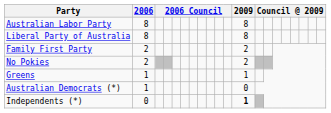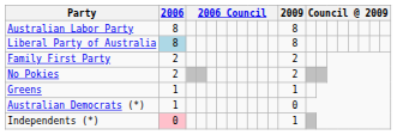 <table class="wikitable">
 <tr>
 <th>Party</th>
 <th><a href='#'>2006</a></th>
 <th colspan=9><a href='#'>2006 Council</a></th>
 <th>2009</th>
 <th colspan=9>Council @ 2009</th>
 </tr>
 <tr>
 <td><a href='#'>Australian Labor Party</a></td>
 <td align=right>8 </td>
 <td>  </td>
 <td>  </td>
 <td>  </td>
 <td>  </td>
 <td>  </td>
 <td>  </td>
 <td>  </td>
 <td>  </td>
 <td>  </td>
 <td align=right>8 </td>
 <td>  </td>
 <td>  </td>
 <td>  </td>
 <td>  </td>
 <td>  </td>
 <td>  </td>
 <td>  </td>
 <td>  </td>
 </tr>
 <tr>
 <td><a href='#'>Liberal Party of Australia</a></td>
-<td align=right>8 </td>
+<td align=right style="background: lightblue;">8 </td>
 <td>  </td>
 <td>  </td>
 <td>  </td>
 <td>  </td>
 <td>  </td>
 <td>  </td>
 <td>  </td>
 <td>  </td>
 <td>  </td>
 <td align=right>8 </td>
 <td>  </td>
 <td>  </td>
 <td>  </td>
 <td>  </td>
 <td>  </td>
 <td>  </td>
 <td>  </td>
 <td>  </td>
 </tr>
 <tr>
 <td><a href='#'>Family First Party</a></td>
 <td align=right>2 </td>
 <td>  </td>
 <td>  </td>
 <td> </td>
 <td> </td>
 <td> </td>
 <td> </td>
 <td> </td>
 <td> </td>
 <td>  </td>
 <td align=right>2 </td>
 <td>  </td>
 <td>  </td>
 </tr>
 <tr>
 <td><a href='#'>No Pokies</a></td>
 <td align=right>2 </td>
 <td bgcolor=#C0C0C0> </td>
 <td bgcolor=#C0C0C0> </td>
 <td> </td>
 <td> </td>
 <td> </td>
 <td> </td>
 <td> </td>
 <td> </td>
 <td>  </td>
 <td align=right>2 </td>
 <td bgcolor=#C0C0C0> </td>
 <td bgcolor=#C0C0C0> </td>
 </tr>
 <tr>
 <td><a href='#'>Greens</a></td>
 <td align=right>1 </td>
 <td> </td>
 <td> </td>
 <td> </td>
 <td> </td>
 <td> </td>
 <td> </td>
 <td> </td>
 <td> </td>
 <td>  </td>
 <td align=right>1 </td>
 <td> </td>
 </tr>
 <tr>
 <td><a href='#'>Australian Democrats</a> (*)</td>
 <td align=right>1 </td>
 <td> </td>
 <td> </td>
 <td> </td>
 <td> </td>
 <td> </td>
 <td> </td>
 <td> </td>
 <td> </td>
 <td>  </td>
 <td align=right>0 </td>
 </tr>
 <tr>
 <td>Independents (*)</td>
-<td align=right>0 </td>
+<td align=right style="background: pink;">0 </td>
 <td> </td>
 <td> </td>
 <td> </td>
 <td> </td>
 <td> </td>
 <td> </td>
 <td> </td>
 <td> </td>
 <td>  </td>
-<td align=right><strong>1 </strong></td>
+<td align=right>1 </td>
 <td bgcolor=#C0C0C0> </td>
 </tr>
 </table>
